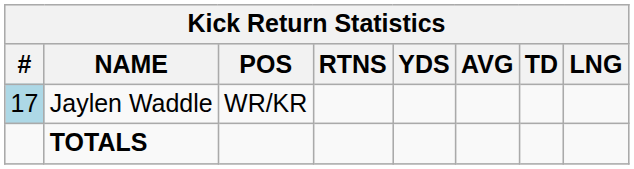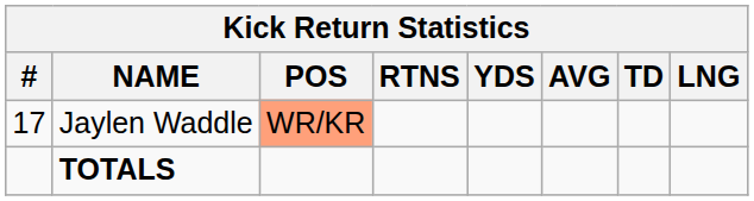 <table class="wikitable sortable collapsible collapsed">
 <tr>
 <th colspan="8">Kick Return Statistics</th>
 </tr>
 <tr>
 <th>#</th>
 <th>NAME</th>
 <th>POS</th>
 <th>RTNS</th>
 <th>YDS</th>
 <th>AVG</th>
 <th>TD</th>
 <th>LNG</th>
 </tr>
 <tr>
-<td style="background: lightblue;">17</td>
+<td>17</td>
 <td>Jaylen Waddle</td>
-<td>WR/KR</td>
+<td style="background: lightsalmon;">WR/KR</td>
 <td></td>
 <td></td>
 <td></td>
 <td></td>
 <td></td>
 </tr>
 <tr>
 <td></td>
 <td><strong>TOTALS</strong></td>
 <td></td>
 <td></td>
 <td></td>
 <td></td>
 <td></td>
 <td></td>
 </tr>
 </table>
